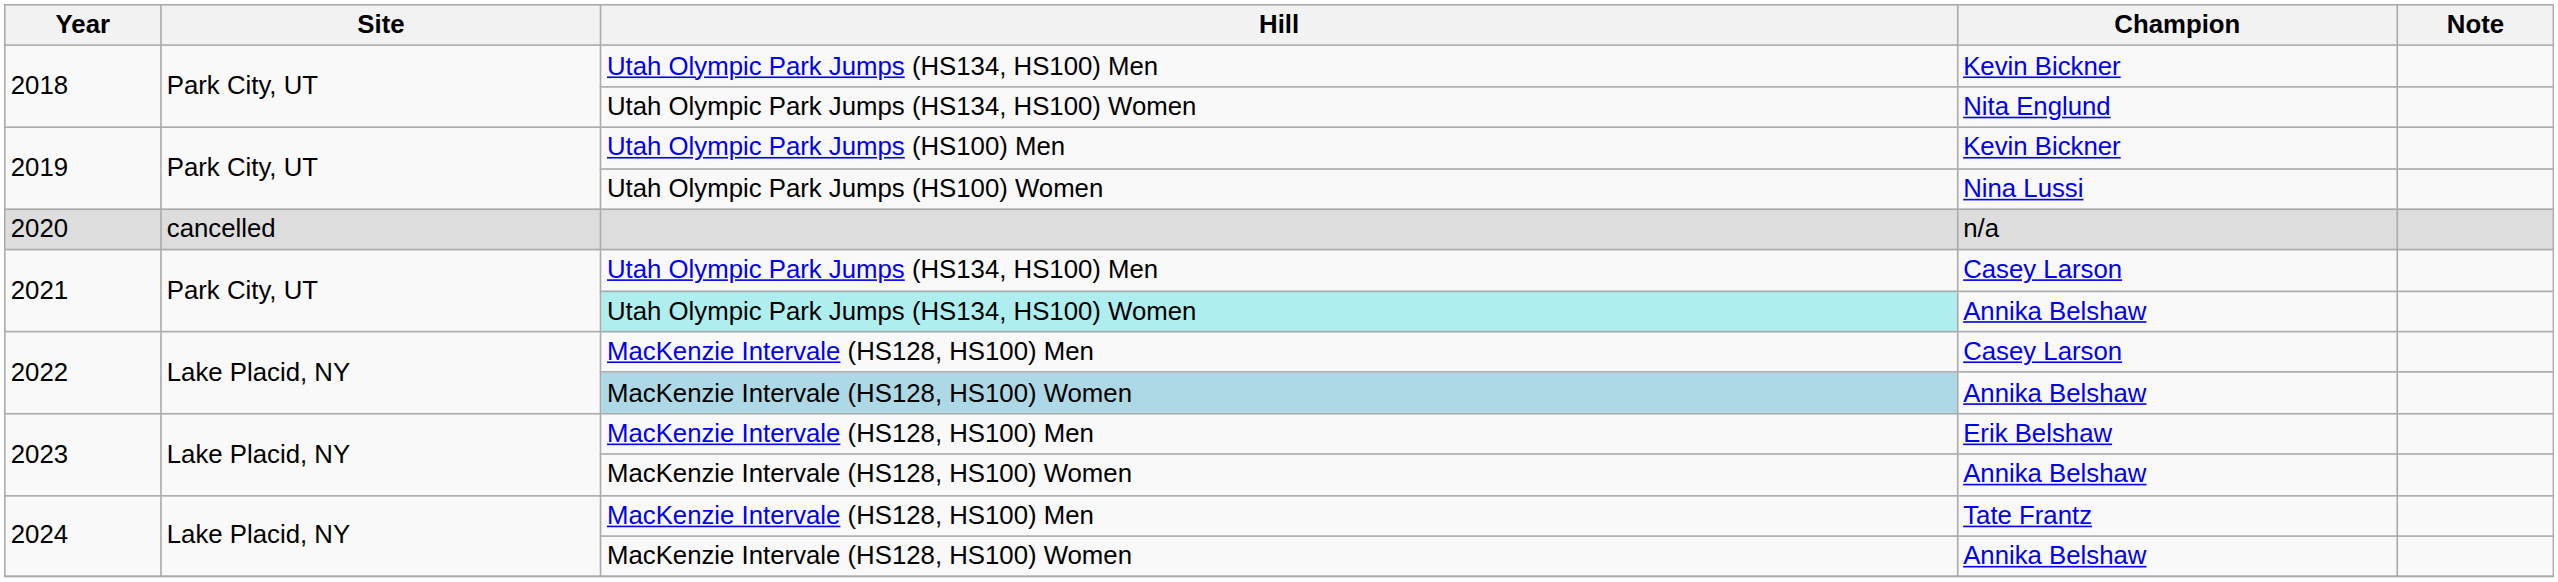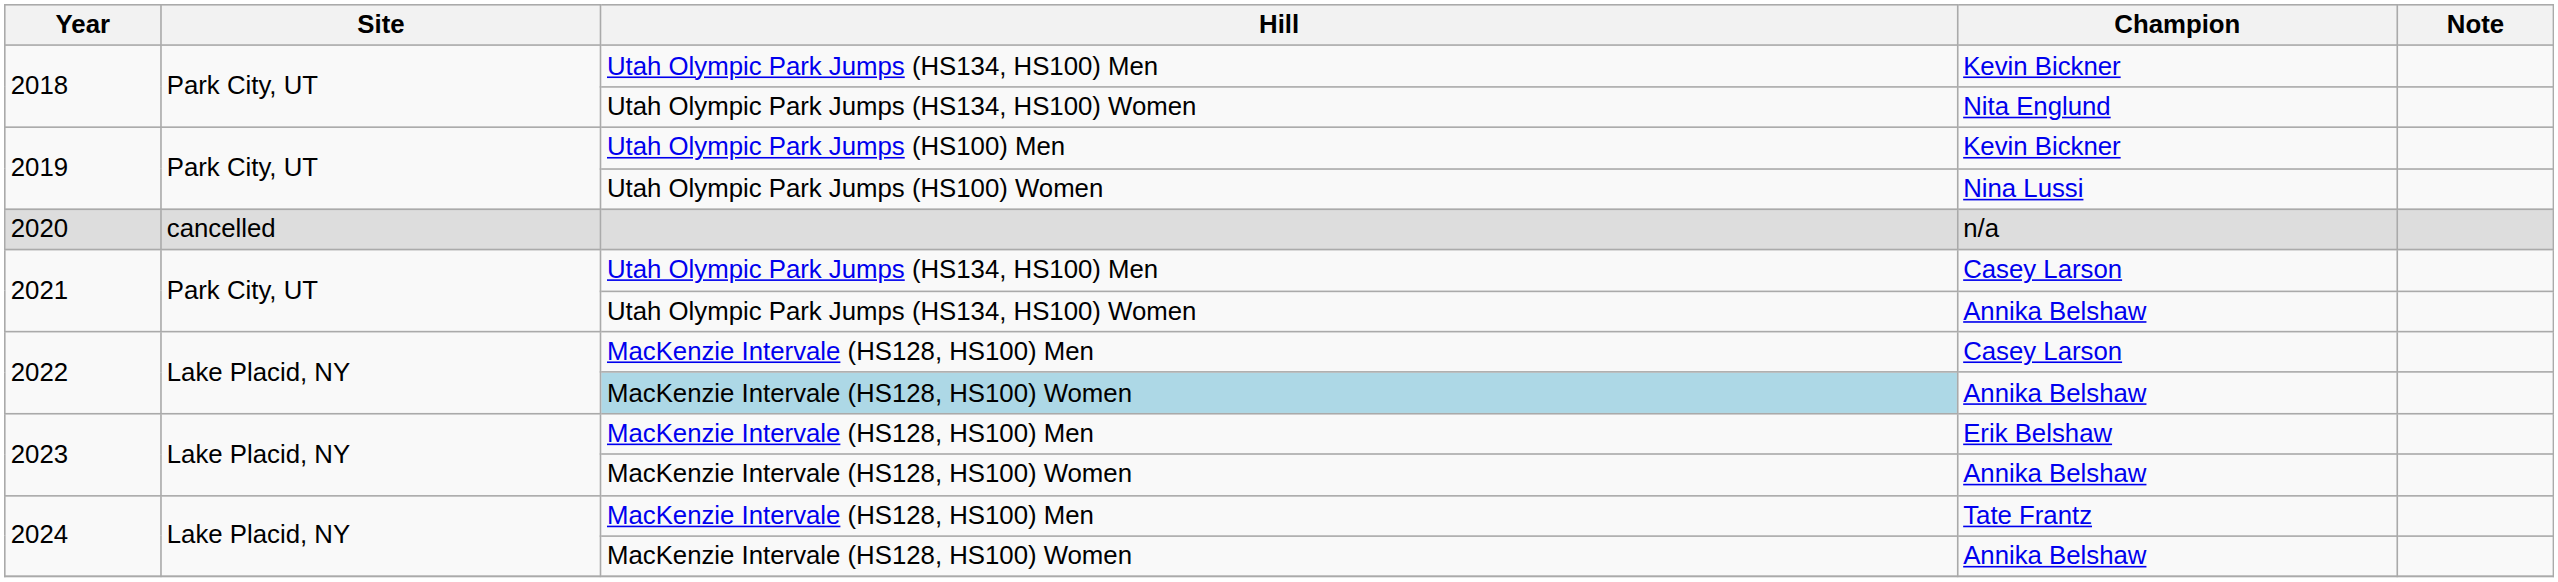 <table class="wikitable" style=" width:100%">
 <tr>
 <th>Year</th>
 <th>Site</th>
 <th>Hill</th>
 <th>Champion</th>
 <th>Note</th>
 </tr>
 <tr>
 <td rowspan="2">2018</td>
 <td rowspan="2">Park City, UT</td>
 <td><a href='#'>Utah Olympic Park Jumps</a> (HS134, HS100) Men</td>
 <td><a href='#'>Kevin Bickner</a></td>
 <td></td>
 </tr>
 <tr>
 <td>Utah Olympic Park Jumps (HS134, HS100) Women</td>
 <td><a href='#'>Nita Englund</a></td>
 <td></td>
 </tr>
 <tr>
 <td rowspan="2">2019</td>
 <td rowspan="2">Park City, UT</td>
 <td><a href='#'>Utah Olympic Park Jumps</a> (HS100) Men</td>
 <td><a href='#'>Kevin Bickner</a></td>
 <td></td>
 </tr>
 <tr>
 <td>Utah Olympic Park Jumps (HS100) Women</td>
 <td><a href='#'>Nina Lussi</a></td>
 <td></td>
 </tr>
 <tr bgcolor="#DDDDDD">
 <td>2020</td>
 <td>cancelled</td>
 <td></td>
 <td>n/a</td>
 <td></td>
 </tr>
 <tr>
 <td rowspan="2">2021</td>
 <td rowspan="2">Park City, UT</td>
 <td><a href='#'>Utah Olympic Park Jumps</a> (HS134, HS100) Men</td>
 <td><a href='#'>Casey Larson</a></td>
 <td></td>
 </tr>
 <tr>
-<td style="background: paleturquoise;">Utah Olympic Park Jumps (HS134, HS100) Women</td>
+<td>Utah Olympic Park Jumps (HS134, HS100) Women</td>
 <td><a href='#'>Annika Belshaw</a></td>
 <td></td>
 </tr>
 <tr>
 <td rowspan="2">2022</td>
 <td rowspan="2">Lake Placid, NY</td>
 <td><a href='#'>MacKenzie Intervale</a> (HS128, HS100) Men</td>
 <td><a href='#'>Casey Larson</a></td>
 <td></td>
 </tr>
 <tr>
 <td style="background: lightblue;">MacKenzie Intervale (HS128, HS100) Women</td>
 <td><a href='#'>Annika Belshaw</a></td>
 <td></td>
 </tr>
 <tr>
 <td rowspan="2">2023</td>
 <td rowspan="2">Lake Placid, NY</td>
 <td><a href='#'>MacKenzie Intervale</a> (HS128, HS100) Men</td>
 <td><a href='#'>Erik Belshaw</a></td>
 <td></td>
 </tr>
 <tr>
 <td>MacKenzie Intervale (HS128, HS100) Women</td>
 <td><a href='#'>Annika Belshaw</a></td>
 <td></td>
 </tr>
 <tr>
 <td rowspan="2">2024</td>
 <td rowspan="2">Lake Placid, NY</td>
 <td><a href='#'>MacKenzie Intervale</a> (HS128, HS100) Men</td>
 <td><a href='#'>Tate Frantz</a></td>
 <td></td>
 </tr>
 <tr>
 <td>MacKenzie Intervale (HS128, HS100) Women</td>
 <td><a href='#'>Annika Belshaw</a></td>
 <td></td>
 </tr>
 <tr>
 </tr>
 </table>
